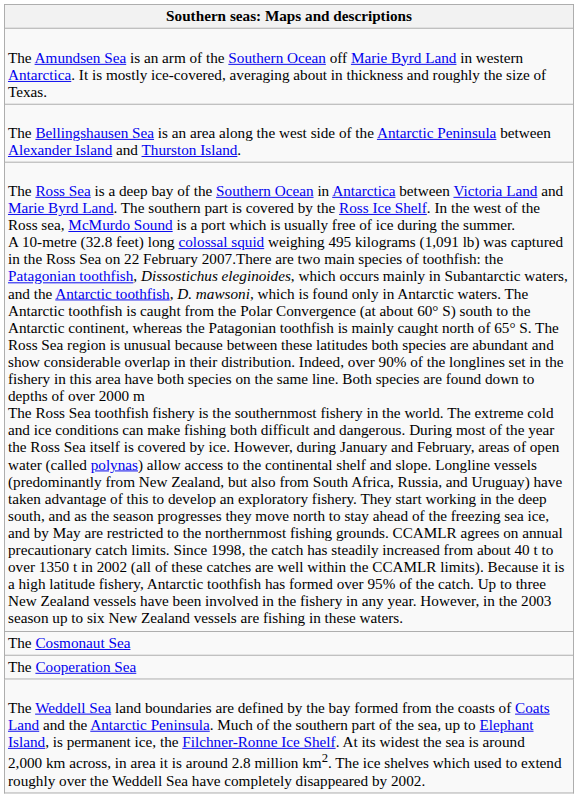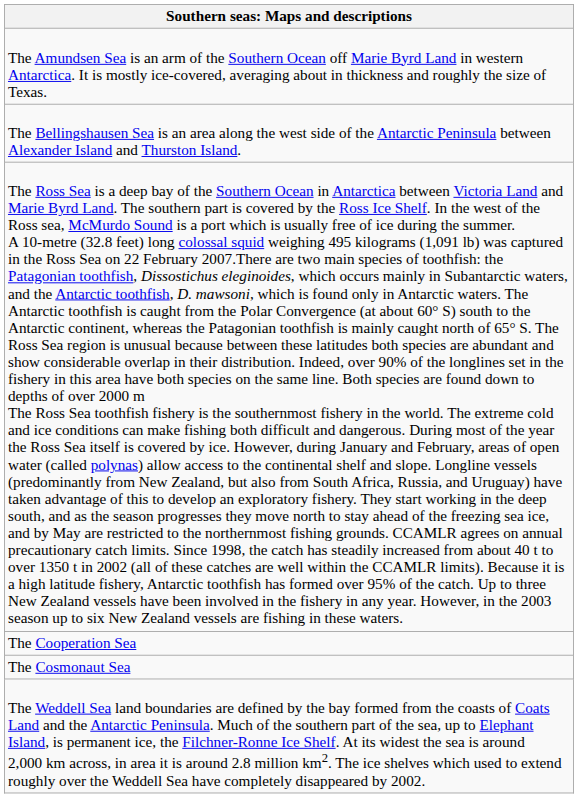 <table class="wikitable collapsible collapsed" style="text-align: left; width: 600px;">
 <tr>
 <th>Southern seas: Maps and descriptions</th>
 </tr>
 <tr>
 <td><br>The <a href='#'>Amundsen Sea</a> is an arm of the <a href='#'>Southern Ocean</a> off <a href='#'>Marie Byrd Land</a> in western <a href='#'>Antarctica</a>. It is mostly ice-covered, averaging about  in thickness and roughly the size of Texas.</td>
 </tr>
 <tr>
 <td><br>The <a href='#'>Bellingshausen Sea</a> is an area along the west side of the <a href='#'>Antarctic Peninsula</a> between <a href='#'>Alexander Island</a> and <a href='#'>Thurston Island</a>.</td>
 </tr>
 <tr>
 <td><br>The <a href='#'>Ross Sea</a> is a deep bay of the <a href='#'>Southern Ocean</a> in <a href='#'>Antarctica</a> between <a href='#'>Victoria Land</a> and <a href='#'>Marie Byrd Land</a>.  The southern part is covered by the <a href='#'>Ross Ice Shelf</a>. In the west of the Ross sea, <a href='#'>McMurdo Sound</a> is a port which is usually free of ice during the summer.<br>A 10-metre (32.8 feet) long <a href='#'>colossal squid</a> weighing 495 kilograms (1,091 lb) was captured in the Ross Sea on 22 February 2007.There are two main species of toothfish: the <a href='#'>Patagonian toothfish</a>, <em>Dissostichus eleginoides</em>, which occurs mainly in Subantarctic waters, and the <a href='#'>Antarctic toothfish</a>, <em>D. mawsoni</em>, which is found only in Antarctic waters. The Antarctic toothfish is caught from the Polar Convergence (at about 60° S) south to the Antarctic continent, whereas the Patagonian toothfish is mainly caught north of 65° S. The Ross Sea region is unusual because between these latitudes both species are abundant and show considerable overlap in their distribution. Indeed, over 90% of the longlines set in the fishery in this area have both species on the same line. Both species are found down to depths of over 2000 m<br>The Ross Sea toothfish fishery is the southernmost fishery in the world. The extreme cold and ice conditions can make fishing both difficult and dangerous. During most of the year the Ross Sea itself is covered by ice. However, during January and February, areas of open water (called <a href='#'>polynas</a>) allow access to the continental shelf and slope. Longline vessels (predominantly from New Zealand, but also from South Africa, Russia, and Uruguay) have taken advantage of this to develop an exploratory fishery. They start working in the deep south, and as the season progresses they move north to stay ahead of the freezing sea ice, and by May are restricted to the northernmost fishing grounds. CCAMLR agrees on annual precautionary catch limits. Since 1998, the catch has steadily increased from about 40 t to over 1350 t in 2002 (all of these catches are well within the CCAMLR limits). Because it is a high latitude fishery, Antarctic toothfish has formed over 95% of the catch. Up to three New Zealand vessels have been involved in the fishery in any year. However, in the 2003 season up to six New Zealand vessels are fishing in these waters.</td>
 </tr>
 <tr>
-<td>The <a href='#'>Cosmonaut Sea</a></td>
+<td>The <a href='#'>Cooperation Sea</a></td>
 </tr>
 <tr>
-<td>The <a href='#'>Cooperation Sea</a></td>
+<td>The <a href='#'>Cosmonaut Sea</a></td>
 </tr>
 <tr>
 <td><br>The <a href='#'>Weddell Sea</a> land boundaries are defined by the bay formed from the coasts of <a href='#'>Coats Land</a> and the <a href='#'>Antarctic Peninsula</a>. Much of the southern part of the sea, up to <a href='#'>Elephant Island</a>, is permanent ice, the <a href='#'>Filchner-Ronne Ice Shelf</a>. At its widest the sea is around 2,000 km across, in area it is around 2.8 million km<sup>2</sup>. The ice shelves which used to extend roughly  over the Weddell Sea have completely disappeared by 2002.</td>
 </tr>
 </table>
